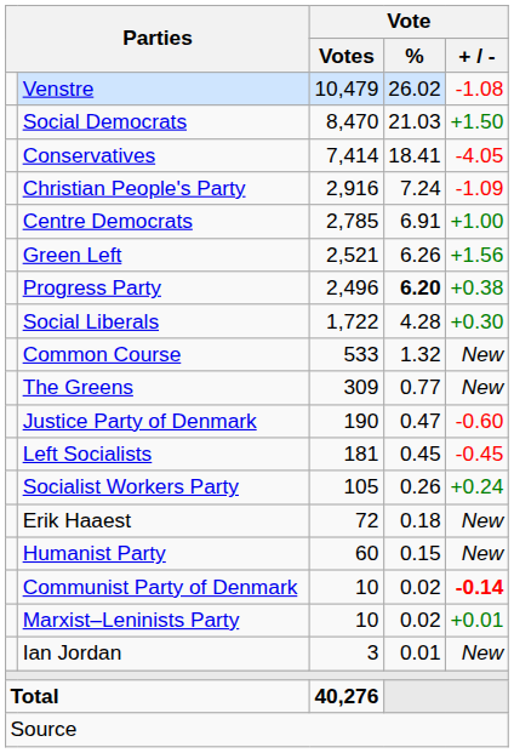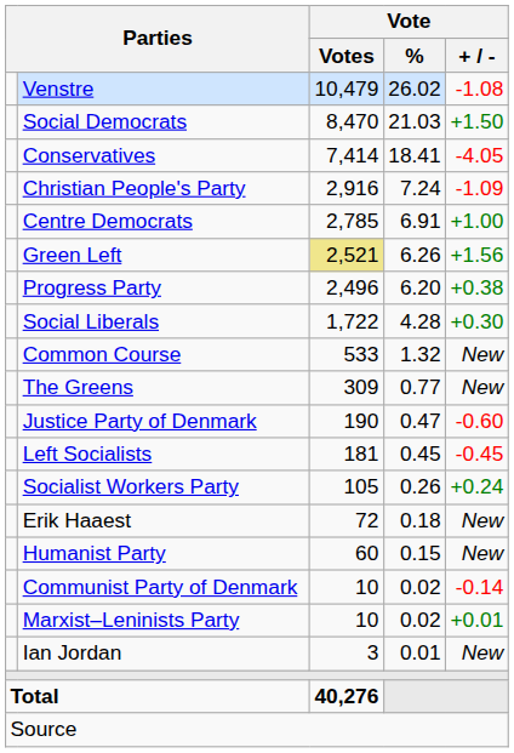 <table class="wikitable" style="text-align:right;">
 <tr>
 <th style="text-align:centre;" rowspan="2" colspan="2" width="225">Parties</th>
 <th colspan="3">Vote</th>
 </tr>
 <tr>
 <th width="15">Votes</th>
 <th width="15">%</th>
 <th width="15">+ / -</th>
 </tr>
 <tr>
 <td width="2" style="color:inherit;background:"></td>
 <td bgcolor=#cfe5fe  align="left"><a href='#'>Venstre</a></td>
 <td bgcolor=#cfe5fe>10,479</td>
 <td bgcolor=#cfe5fe>26.02</td>
 <td style=color:red;>-1.08</td>
 </tr>
 <tr>
 <td width="2" style="color:inherit;background:"></td>
 <td align="left"><a href='#'>Social Democrats</a></td>
 <td>8,470</td>
 <td>21.03</td>
 <td style=color:green;>+1.50</td>
 </tr>
 <tr>
 <td width="2" style="color:inherit;background:"></td>
 <td align="left"><a href='#'>Conservatives</a></td>
 <td>7,414</td>
 <td>18.41</td>
 <td style=color:red;>-4.05</td>
 </tr>
 <tr>
 <td width="2" style="color:inherit;background:"></td>
 <td align="left"><a href='#'>Christian People's Party</a></td>
 <td>2,916</td>
 <td>7.24</td>
 <td style=color:red;>-1.09</td>
 </tr>
 <tr>
 <td width="2" style="color:inherit;background:"></td>
 <td align="left"><a href='#'>Centre Democrats</a></td>
 <td>2,785</td>
 <td>6.91</td>
 <td style=color:green;>+1.00</td>
 </tr>
 <tr>
 <td width="2" style="color:inherit;background:"></td>
 <td align="left"><a href='#'>Green Left</a></td>
-<td>2,521</td>
+<td style="background: khaki;">2,521</td>
 <td>6.26</td>
 <td style=color:green;>+1.56</td>
 </tr>
 <tr>
 <td width="2" style="color:inherit;background:"></td>
 <td align="left"><a href='#'>Progress Party</a></td>
 <td>2,496</td>
-<td><strong>6.20</strong></td>
+<td>6.20</td>
 <td style=color:green;>+0.38</td>
 </tr>
 <tr>
 <td width="2" style="color:inherit;background:"></td>
 <td align="left"><a href='#'>Social Liberals</a></td>
 <td>1,722</td>
 <td>4.28</td>
 <td style=color:green;>+0.30</td>
 </tr>
 <tr>
 <td width="2" style="color:inherit;background:"></td>
 <td align="left"><a href='#'>Common Course</a></td>
 <td>533</td>
 <td>1.32</td>
 <td><em>New</em></td>
 </tr>
 <tr>
 <td width="2" style="color:inherit;background:"></td>
 <td align="left"><a href='#'>The Greens</a></td>
 <td>309</td>
 <td>0.77</td>
 <td><em>New</em></td>
 </tr>
 <tr>
 <td width="2" style="color:inherit;background:"></td>
 <td align="left"><a href='#'>Justice Party of Denmark</a></td>
 <td>190</td>
 <td>0.47</td>
 <td style=color:red;>-0.60</td>
 </tr>
 <tr>
 <td width="2" style="color:inherit;background:"></td>
 <td align="left"><a href='#'>Left Socialists</a></td>
 <td>181</td>
 <td>0.45</td>
 <td style=color:red;>-0.45</td>
 </tr>
 <tr>
 <td width="2" style="color:inherit;background:"></td>
 <td align="left"><a href='#'>Socialist Workers Party</a></td>
 <td>105</td>
 <td>0.26</td>
 <td style=color:green;>+0.24</td>
 </tr>
 <tr>
 <td width="2" style="color:inherit;background:"></td>
 <td align="left">Erik Haaest</td>
 <td>72</td>
 <td>0.18</td>
 <td><em>New</em></td>
 </tr>
 <tr>
 <td width="2" style="color:inherit;background:"></td>
 <td align="left"><a href='#'>Humanist Party</a></td>
 <td>60</td>
 <td>0.15</td>
 <td><em>New</em></td>
 </tr>
 <tr>
 <td width="2" style="color:inherit;background:"></td>
 <td align="left"><a href='#'>Communist Party of Denmark</a></td>
 <td>10</td>
 <td>0.02</td>
-<td style=color:red;><strong>-0.14</strong></td>
+<td style=color:red;>-0.14</td>
 </tr>
 <tr>
 <td width="2" style="color:inherit;background:"></td>
 <td align="left"><a href='#'>Marxist–Leninists Party</a></td>
 <td>10</td>
 <td>0.02</td>
 <td style=color:green;>+0.01</td>
 </tr>
 <tr>
 <td width="2" style="color:inherit;background:"></td>
 <td align="left">Ian Jordan</td>
 <td>3</td>
 <td>0.01</td>
 <td><em>New</em></td>
 </tr>
 <tr>
 <td colspan="7" bgcolor="#E9E9E9"></td>
 </tr>
 <tr>
 <td align="left" colspan="2"><strong>Total</strong></td>
 <td><strong>40,276</strong></td>
 <td bgcolor="#E9E9E9" colspan="2"></td>
 </tr>
 <tr>
 <td align="left" colspan="6">Source</td>
 </tr>
 </table>
